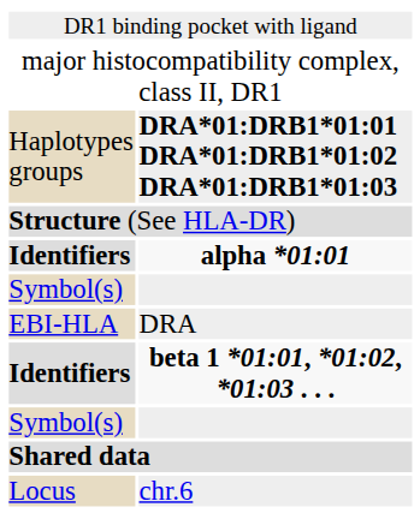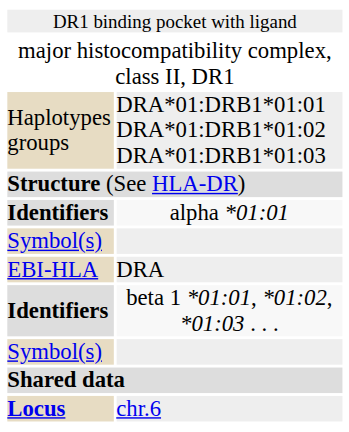 <table id="drugInfoBox" style="float: right; clear: right; margin: 0 0 0.5em 1em; background: #ffffff;" class="toccolours" border=0 cellpadding=0 align=right width="240px">
 <tr>
 <td align="center" colspan="3"></td>
 </tr>
 <tr style="text-align: center; line-height: 1.00;background:#eeeeee">
 <td colspan="3" color="white"><small>DR1 binding pocket with ligand</small>  </td>
 </tr>
 <tr>
 <td align="center" colspan="2"></td>
 </tr>
 <tr>
 <td align="center" colspan="2"><div>major histocompatibility complex, class II, DR1</div></td>
 </tr>
 <tr>
 <td bgcolor="#e7dcc3">Haplotypes groups</td>
-<td bgcolor="#eeeeee"><strong>DRA*01:DRB1*01:01 DRA*01:DRB1*01:02 DRA*01:DRB1*01:03</strong></td>
+<td bgcolor="#eeeeee">DRA*01:DRB1*01:01 DRA*01:DRB1*01:02 DRA*01:DRB1*01:03</td>
 </tr>
 <tr>
 <td colspan="2" bgcolor="#dddddd"><strong>Structure</strong> (See <a href='#'>HLA-DR</a>)</td>
 </tr>
 <tr style="background:#f8f8f8">
 <td bgcolor="#dddddd"><strong>Identifiers</strong></td>
-<td align="center"><strong><div>alpha <em>*01:01</em></div></strong></td>
+<td align="center"><div>alpha <em>*01:01</em></div></td>
 </tr>
 <tr>
 <td bgcolor="#e7dcc3"><a href='#'>Symbol(s)</a></td>
 <td bgcolor="#eeeeee"></td>
 </tr>
 <tr>
 <td bgcolor="#e7dcc3"><a href='#'>EBI-HLA</a></td>
 <td bgcolor="#eeeeee">DRA </td>
 </tr>
 <tr style="background:#f8f8f8">
 <td bgcolor="#dddddd"><strong>Identifiers</strong></td>
-<td align="center"><strong><div>beta 1 <em>*01:01</em>, <em>*01:02</em>, <em>*01:03</em> . . .</div></strong></td>
+<td align="center"><div>beta 1 <em>*01:01</em>, <em>*01:02</em>, <em>*01:03</em> . . .</div></td>
 </tr>
 <tr>
 <td bgcolor="#e7dcc3"><a href='#'>Symbol(s)</a></td>
 <td bgcolor="#eeeeee"></td>
 </tr>
 <tr>
 <td colspan="2" bgcolor="#dddddd"><strong>Shared data</strong></td>
 </tr>
 <tr>
-<td bgcolor="#e7dcc3"><a href='#'>Locus</a></td>
+<td bgcolor="#e7dcc3"><strong><a href='#'>Locus</a></strong></td>
 <td bgcolor="#eeeeee"><a href='#'>chr.6</a> <em></em></td>
 </tr>
 <tr>
 </tr>
 </table>
